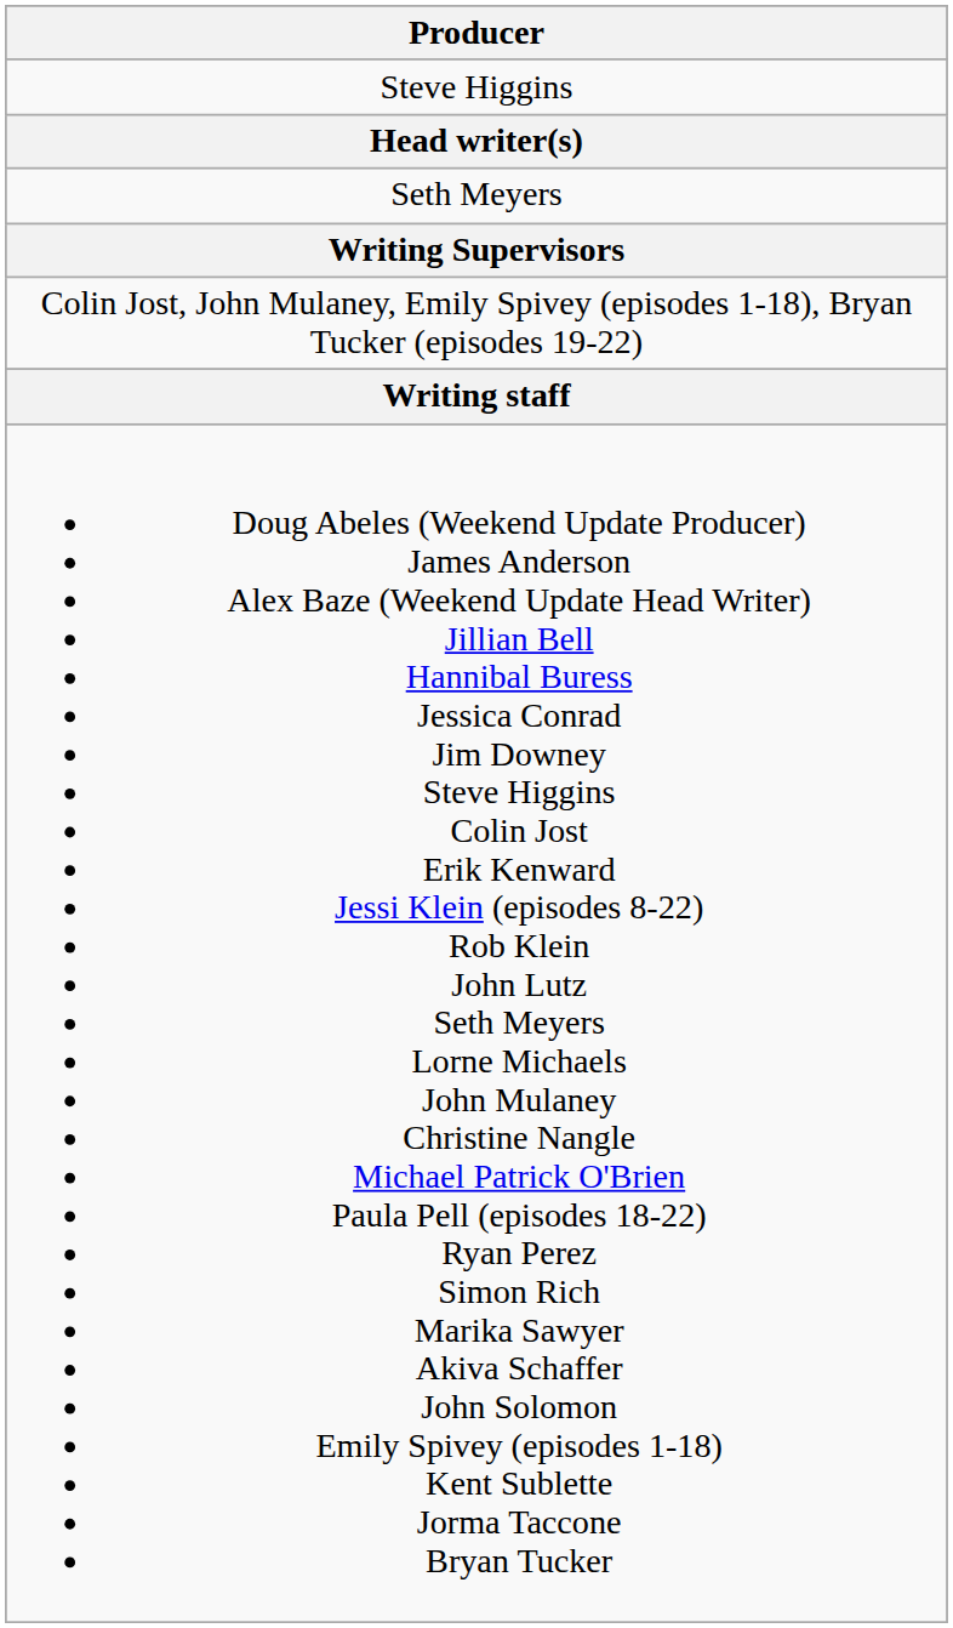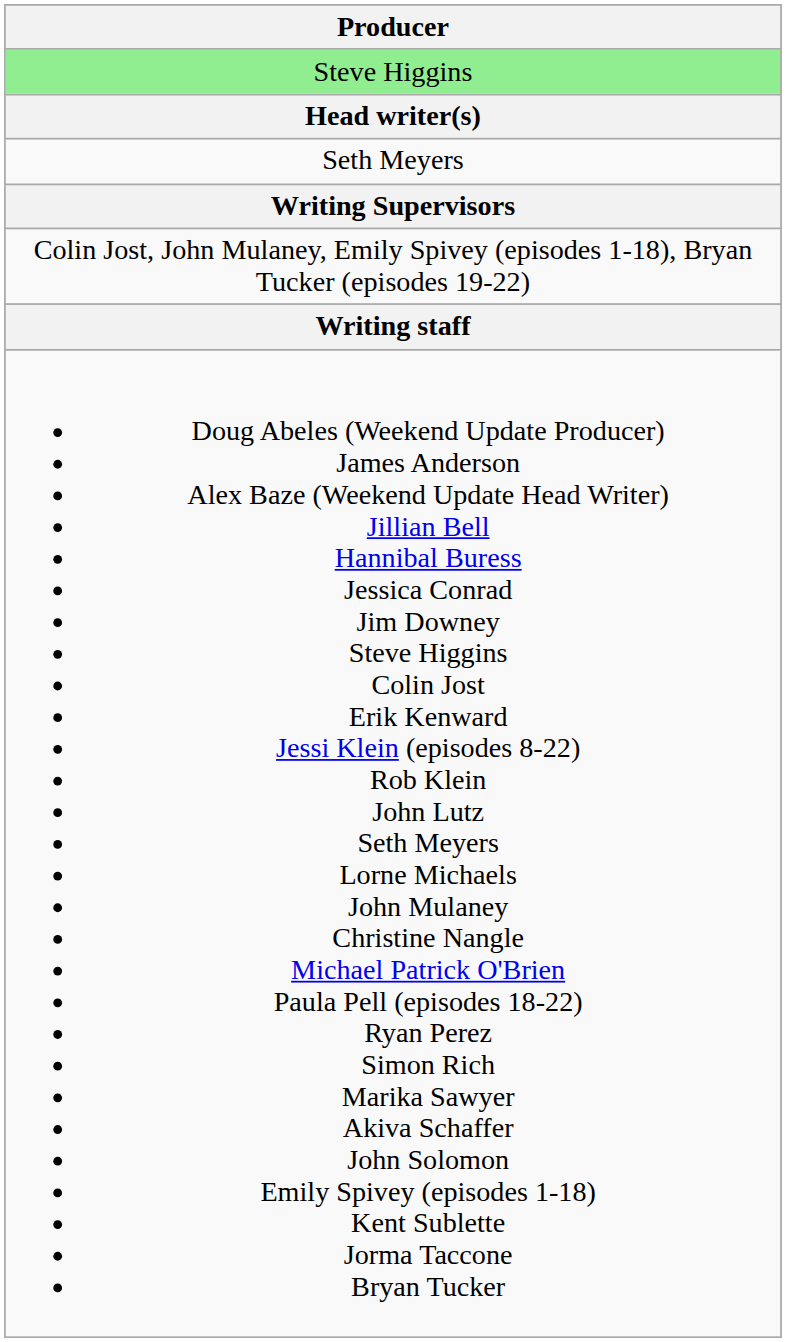 <table class="wikitable plainrowheaders"  style="text-align:center; width:50%;">
 <tr>
 <th><strong>Producer</strong></th>
 </tr>
 <tr>
-<td>Steve Higgins</td>
+<td style="background: lightgreen;">Steve Higgins</td>
 </tr>
 <tr>
 <th><strong>Head writer(s)</strong></th>
 </tr>
 <tr>
 <td>Seth Meyers</td>
 </tr>
 <tr>
 <th><strong>Writing Supervisors</strong></th>
 </tr>
 <tr>
 <td>Colin Jost, John Mulaney, Emily Spivey (episodes 1-18), Bryan Tucker (episodes 19-22)</td>
 </tr>
 <tr>
 <th><strong>Writing staff</strong></th>
 </tr>
 <tr>
 <td><br><ul><li>Doug Abeles (Weekend Update Producer)</li><li>James Anderson</li><li>Alex Baze (Weekend Update Head Writer)</li><li><a href='#'>Jillian Bell</a></li><li><a href='#'>Hannibal Buress</a></li><li>Jessica Conrad</li><li>Jim Downey</li><li>Steve Higgins</li><li>Colin Jost</li><li>Erik Kenward</li><li><a href='#'>Jessi Klein</a> (episodes 8-22)</li><li>Rob Klein</li><li>John Lutz</li><li>Seth Meyers</li><li>Lorne Michaels</li><li>John Mulaney</li><li>Christine Nangle</li><li><a href='#'>Michael Patrick O'Brien</a></li><li>Paula Pell (episodes 18-22)</li><li>Ryan Perez</li><li>Simon Rich</li><li>Marika Sawyer</li><li>Akiva Schaffer</li><li>John Solomon</li><li>Emily Spivey (episodes 1-18)</li><li>Kent Sublette</li><li>Jorma Taccone</li><li>Bryan Tucker</li></ul></td>
 </tr>
 </table>
